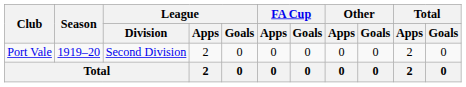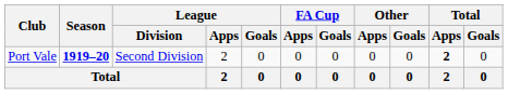 <table class="wikitable" style="text-align:center">
 <tr>
 <th rowspan="2">Club</th>
 <th rowspan="2">Season</th>
 <th colspan="3">League</th>
 <th colspan="2"><a href='#'>FA Cup</a></th>
 <th colspan="2">Other</th>
 <th colspan="2">Total</th>
 </tr>
 <tr>
 <th>Division</th>
 <th>Apps</th>
 <th>Goals</th>
 <th>Apps</th>
 <th>Goals</th>
 <th>Apps</th>
 <th>Goals</th>
 <th>Apps</th>
 <th>Goals</th>
 </tr>
 <tr>
 <td><a href='#'>Port Vale</a></td>
-<td><a href='#'>1919–20</a></td>
+<td><strong><a href='#'>1919–20</a></strong></td>
 <td><a href='#'>Second Division</a></td>
 <td>2</td>
 <td>0</td>
 <td>0</td>
 <td>0</td>
 <td>0</td>
 <td>0</td>
-<td>2</td>
+<td><strong>2</strong></td>
 <td>0</td>
 </tr>
 <tr>
 <th colspan="3">Total</th>
 <th>2</th>
 <th>0</th>
 <th>0</th>
 <th>0</th>
 <th>0</th>
 <th>0</th>
 <th>2</th>
 <th>0</th>
 </tr>
 </table>
